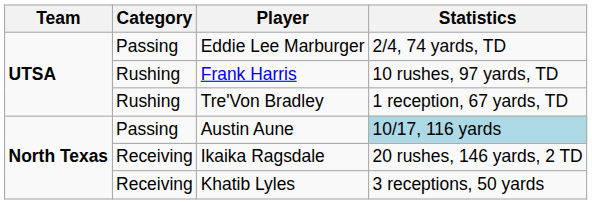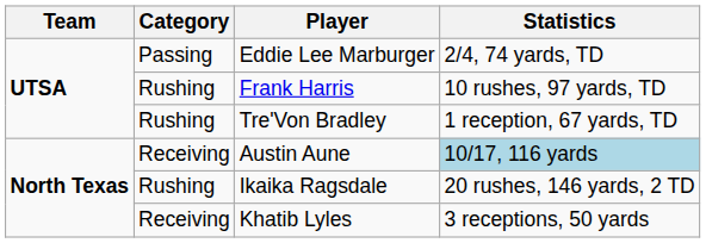 <table class="wikitable" style="float: left;">
 <tr>
 <th>Team</th>
 <th>Category</th>
 <th>Player</th>
 <th>Statistics</th>
 </tr>
 <tr>
 <td rowspan=3><strong>UTSA</strong></td>
 <td>Passing</td>
 <td>Eddie Lee Marburger</td>
 <td>2/4, 74 yards, TD</td>
 </tr>
 <tr>
 <td>Rushing</td>
 <td><a href='#'>Frank Harris</a></td>
 <td>10 rushes, 97 yards, TD</td>
 </tr>
 <tr>
 <td>Rushing</td>
 <td>Tre'Von Bradley</td>
 <td>1 reception, 67 yards, TD</td>
 </tr>
 <tr>
 <td rowspan=3><strong>North Texas</strong></td>
-<td>Passing</td>
+<td>Receiving</td>
 <td>Austin Aune</td>
 <td style="background: lightblue;">10/17, 116 yards</td>
 </tr>
 <tr>
-<td>Receiving</td>
+<td>Rushing</td>
 <td>Ikaika Ragsdale</td>
 <td>20 rushes, 146 yards, 2 TD</td>
 </tr>
 <tr>
 <td>Receiving</td>
 <td>Khatib Lyles</td>
 <td>3 receptions, 50 yards</td>
 </tr>
 </table>
